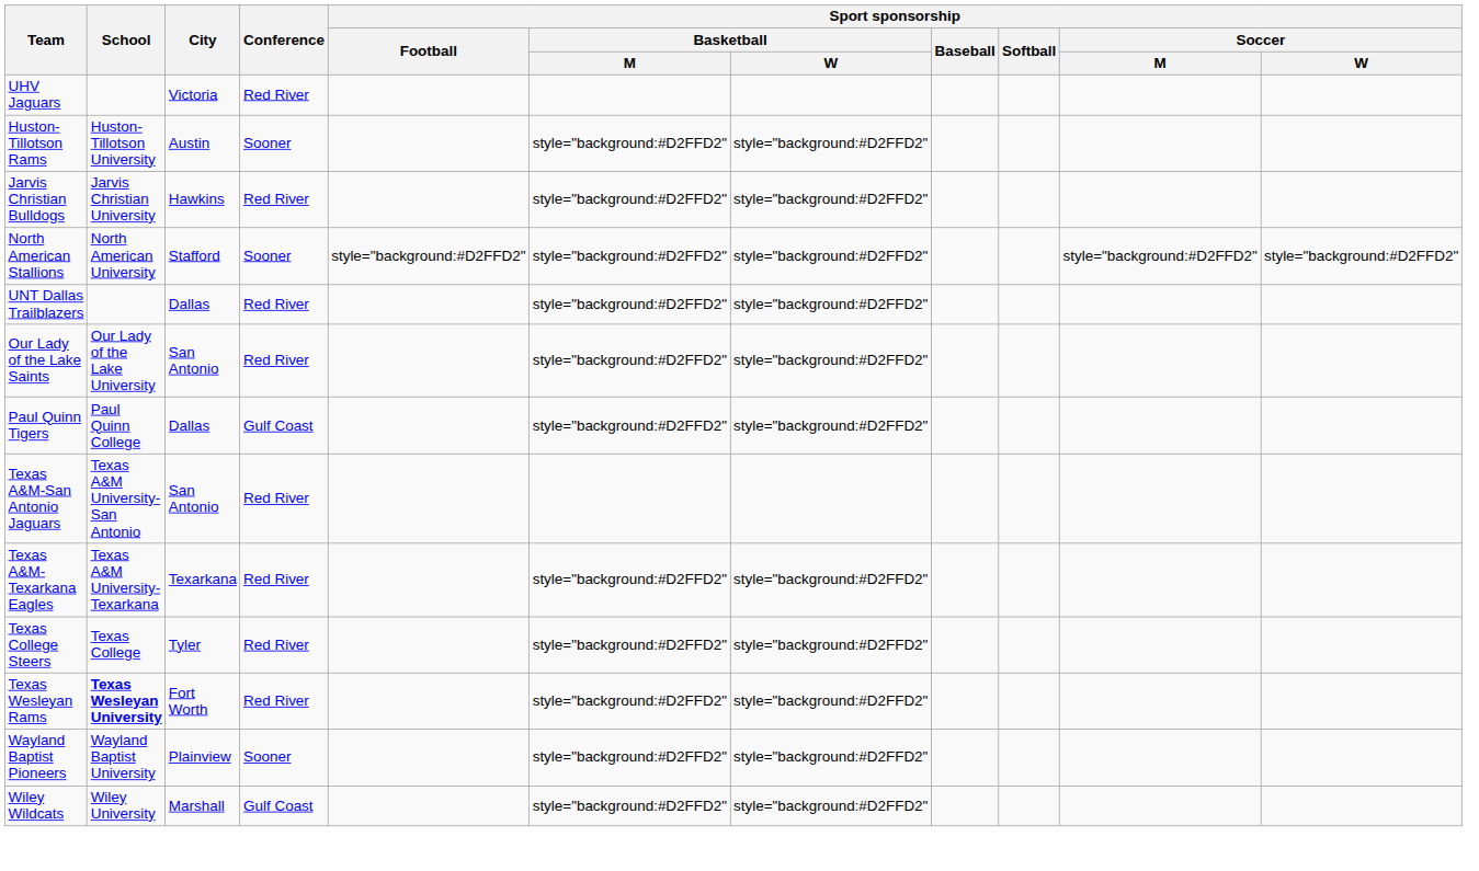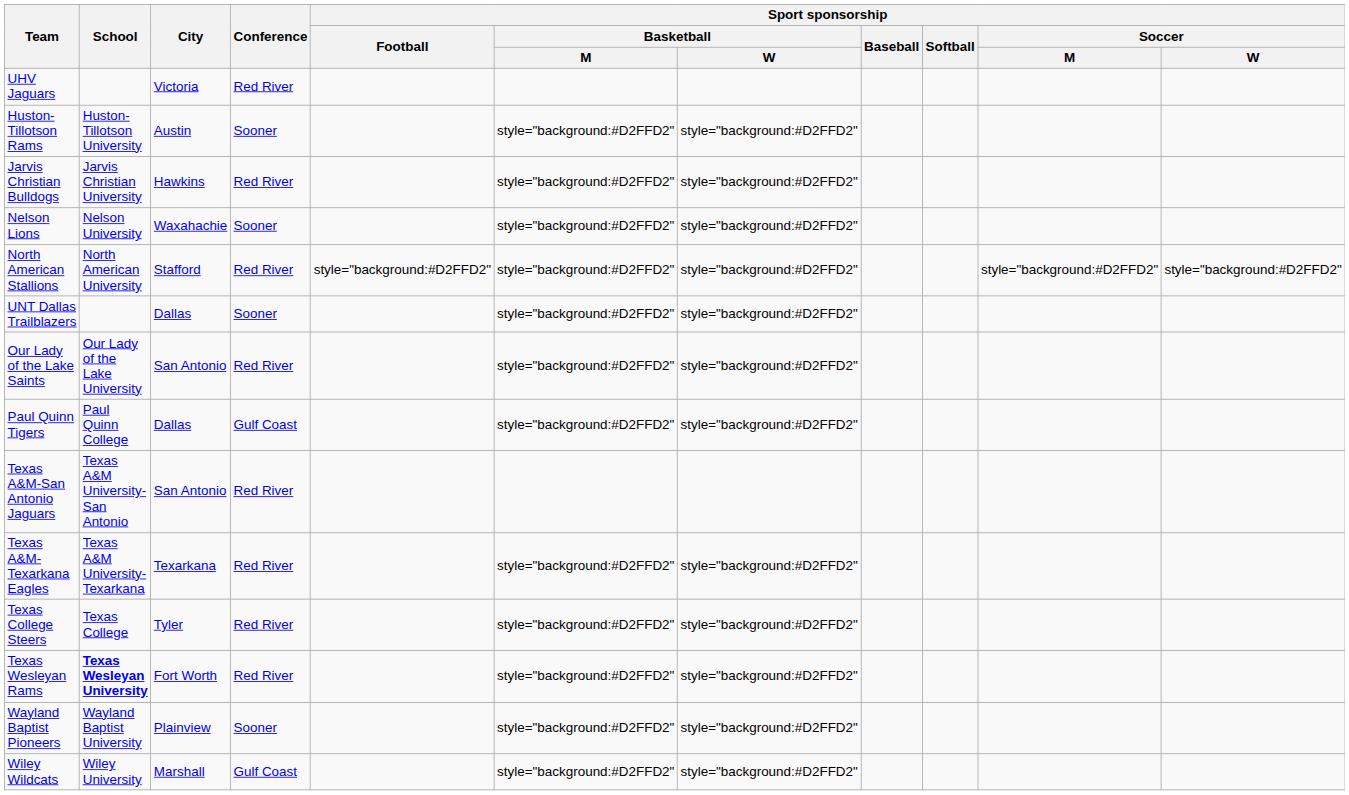 <table class="sortable wikitable">
 <tr>
 <th rowspan=3>Team</th>
 <th rowspan=3>School</th>
 <th rowspan=3>City</th>
 <th rowspan=3>Conference</th>
 <th colspan=7>Sport sponsorship</th>
 </tr>
 <tr>
 <th rowspan=2>Football</th>
 <th colspan=2>Basketball</th>
 <th rowspan=2>Baseball</th>
 <th rowspan=2>Softball</th>
 <th colspan=2>Soccer</th>
 </tr>
 <tr>
 <th>M</th>
 <th>W</th>
 <th>M</th>
 <th>W</th>
 </tr>
 <tr>
 <td><a href='#'>UHV Jaguars</a></td>
 <td></td>
 <td><a href='#'>Victoria</a></td>
 <td><a href='#'>Red River</a></td>
 <td></td>
 <td></td>
 <td></td>
 <td></td>
 <td></td>
 <td></td>
 <td></td>
 </tr>
 <tr>
 <td><a href='#'>Huston-Tillotson Rams</a></td>
 <td><a href='#'>Huston-Tillotson University</a></td>
 <td><a href='#'>Austin</a></td>
 <td><a href='#'>Sooner</a></td>
 <td></td>
 <td>style="background:#D2FFD2" </td>
 <td>style="background:#D2FFD2" </td>
 <td></td>
 <td></td>
 <td></td>
 <td></td>
 </tr>
 <tr>
 <td><a href='#'>Jarvis Christian Bulldogs</a></td>
 <td><a href='#'>Jarvis Christian University</a></td>
 <td><a href='#'>Hawkins</a></td>
 <td><a href='#'>Red River</a></td>
 <td></td>
 <td>style="background:#D2FFD2" </td>
 <td>style="background:#D2FFD2" </td>
 <td></td>
 <td></td>
 <td></td>
 <td></td>
 </tr>
 <tr>
+<td><a href='#'>Nelson Lions</a></td>
+<td><a href='#'>Nelson University</a></td>
+<td><a href='#'>Waxahachie</a></td>
+<td><a href='#'>Sooner</a></td>
+<td></td>
+<td>style="background:#D2FFD2" </td>
+<td>style="background:#D2FFD2" </td>
+<td></td>
+<td></td>
+<td></td>
+<td></td>
+</tr>
+<tr>
 <td><a href='#'>North American Stallions</a></td>
 <td><a href='#'>North American University</a></td>
 <td><a href='#'>Stafford</a></td>
-<td><a href='#'>Sooner</a></td>
+<td><a href='#'>Red River</a></td>
 <td>style="background:#D2FFD2"  </td>
 <td>style="background:#D2FFD2" </td>
 <td>style="background:#D2FFD2" </td>
 <td></td>
 <td></td>
 <td>style="background:#D2FFD2" </td>
 <td>style="background:#D2FFD2" </td>
 </tr>
 <tr>
 <td><a href='#'>UNT Dallas Trailblazers</a> </td>
 <td></td>
 <td><a href='#'>Dallas</a></td>
-<td><a href='#'>Red River</a></td>
+<td><a href='#'>Sooner</a></td>
 <td></td>
 <td>style="background:#D2FFD2" </td>
 <td>style="background:#D2FFD2" </td>
 <td></td>
 <td></td>
 <td></td>
 <td></td>
 </tr>
 <tr>
 <td><a href='#'>Our Lady of the Lake Saints</a></td>
 <td><a href='#'>Our Lady of the Lake University</a></td>
 <td><a href='#'>San Antonio</a></td>
 <td><a href='#'>Red River</a></td>
 <td></td>
 <td>style="background:#D2FFD2" </td>
 <td>style="background:#D2FFD2" </td>
 <td></td>
 <td></td>
 <td></td>
 <td></td>
 </tr>
 <tr>
 <td><a href='#'>Paul Quinn Tigers</a></td>
 <td><a href='#'>Paul Quinn College</a></td>
 <td><a href='#'>Dallas</a></td>
 <td><a href='#'>Gulf Coast</a></td>
 <td></td>
 <td>style="background:#D2FFD2" </td>
 <td>style="background:#D2FFD2" </td>
 <td></td>
 <td></td>
 <td></td>
 <td></td>
 </tr>
 <tr>
 <td><a href='#'>Texas A&M-San Antonio Jaguars</a></td>
 <td><a href='#'>Texas A&M University-San Antonio</a></td>
 <td><a href='#'>San Antonio</a></td>
 <td><a href='#'>Red River</a></td>
 <td></td>
 <td></td>
 <td></td>
 <td></td>
 <td></td>
 <td></td>
 <td></td>
 </tr>
 <tr>
 <td><a href='#'>Texas A&M-Texarkana Eagles</a></td>
 <td><a href='#'>Texas A&M University-Texarkana</a></td>
 <td><a href='#'>Texarkana</a></td>
 <td><a href='#'>Red River</a></td>
 <td></td>
 <td>style="background:#D2FFD2" </td>
 <td>style="background:#D2FFD2" </td>
 <td></td>
 <td></td>
 <td></td>
 <td></td>
 </tr>
 <tr>
 <td><a href='#'>Texas College Steers</a></td>
 <td><a href='#'>Texas College</a></td>
 <td><a href='#'>Tyler</a></td>
 <td><a href='#'>Red River</a></td>
 <td> </td>
 <td>style="background:#D2FFD2" </td>
 <td>style="background:#D2FFD2" </td>
 <td></td>
 <td></td>
 <td></td>
 <td></td>
 </tr>
 <tr>
 <td><a href='#'>Texas Wesleyan Rams</a></td>
 <td><strong><a href='#'>Texas Wesleyan University</a></strong></td>
 <td><a href='#'>Fort Worth</a></td>
 <td><a href='#'>Red River</a></td>
 <td></td>
 <td>style="background:#D2FFD2" </td>
 <td>style="background:#D2FFD2" </td>
 <td></td>
 <td></td>
 <td></td>
 <td></td>
 </tr>
 <tr>
 <td><a href='#'>Wayland Baptist Pioneers</a></td>
 <td><a href='#'>Wayland Baptist University</a></td>
 <td><a href='#'>Plainview</a></td>
 <td><a href='#'>Sooner</a></td>
 <td></td>
 <td>style="background:#D2FFD2" </td>
 <td>style="background:#D2FFD2" </td>
 <td></td>
 <td></td>
 <td></td>
 <td></td>
 </tr>
 <tr>
 <td><a href='#'>Wiley Wildcats</a></td>
 <td><a href='#'>Wiley University</a></td>
 <td><a href='#'>Marshall</a></td>
 <td><a href='#'>Gulf Coast</a></td>
 <td></td>
 <td>style="background:#D2FFD2" </td>
 <td>style="background:#D2FFD2" </td>
 <td></td>
 <td></td>
 <td></td>
 <td></td>
 </tr>
 </table>
